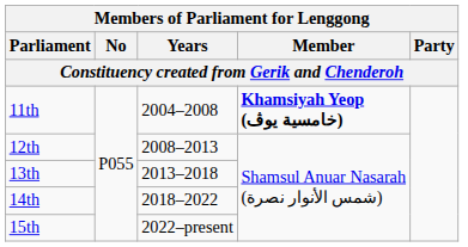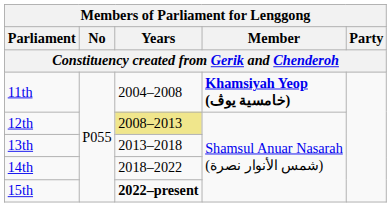 <table class=wikitable>
 <tr>
 <th colspan="5">Members of Parliament for Lenggong</th>
 </tr>
 <tr>
 <th>Parliament</th>
 <th>No</th>
 <th>Years</th>
 <th>Member</th>
 <th>Party</th>
 </tr>
 <tr>
 <th colspan="5" align="center"><em>Constituency created from <a href='#'>Gerik</a> and <a href='#'>Chenderoh</a></em></th>
 </tr>
 <tr>
 <td><a href='#'>11th</a></td>
 <td rowspan="5">P055</td>
 <td>2004–2008</td>
 <td><strong><a href='#'>Khamsiyah Yeop</a> <br> (خامسية يوڤ)</strong></td>
 <td rowspan="5"></td>
 </tr>
 <tr>
 <td><a href='#'>12th</a></td>
-<td>2008–2013</td>
+<td style="background: khaki;">2008–2013</td>
 <td rowspan="4"><a href='#'>Shamsul Anuar Nasarah</a> <br> (شمس الأنوار نصرة)</td>
 </tr>
 <tr>
 <td><a href='#'>13th</a></td>
 <td>2013–2018</td>
 </tr>
 <tr>
 <td><a href='#'>14th</a></td>
 <td>2018–2022</td>
 </tr>
 <tr>
 <td><a href='#'>15th</a></td>
-<td>2022–present</td>
+<td><strong>2022–present</strong></td>
 </tr>
 </table>
